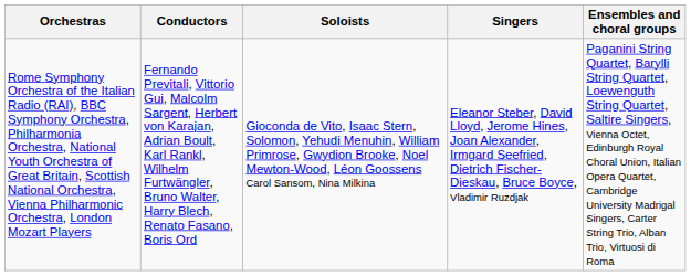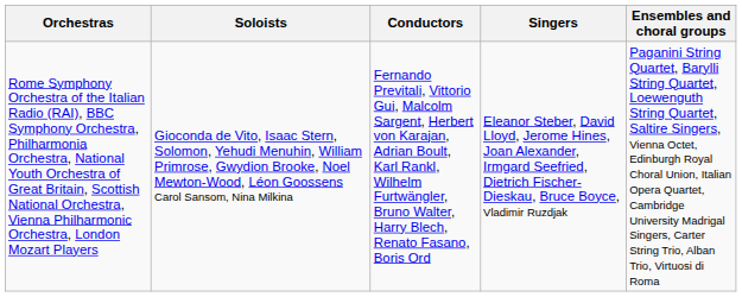 <table class="wikitable toptextcells">
 <tr class="hintergrundfarbe5">
 <th style="width:20%;">Orchestras</th>
+<th style="width:30%;">Soloists</th>
 <th style="width:15%;">Conductors</th>
-<th style="width:30%;">Soloists</th>
 <th style="width:20%;">Singers</th>
 <th style="width:15%;">Ensembles and choral groups</th>
 </tr>
 <tr>
 <td><a href='#'>Rome Symphony Orchestra of the Italian Radio (RAI)</a>, <a href='#'>BBC Symphony Orchestra</a>, <a href='#'>Philharmonia Orchestra</a>, <a href='#'>National Youth Orchestra of Great Britain</a>, <a href='#'>Scottish National Orchestra</a>, <a href='#'>Vienna Philharmonic Orchestra</a>, <a href='#'>London Mozart Players</a></td>
+<td><a href='#'>Gioconda de Vito</a>, <a href='#'>Isaac Stern</a>, <a href='#'>Solomon</a>, <a href='#'>Yehudi Menuhin</a>, <a href='#'>William Primrose</a>, <a href='#'>Gwydion Brooke</a>, <a href='#'>Noel Mewton-Wood</a>, <a href='#'>Léon Goossens</a> <small>Carol Sansom, Nina Milkina</small></td>
 <td><a href='#'>Fernando Previtali</a>,  <a href='#'>Vittorio Gui</a>, <a href='#'>Malcolm Sargent</a>, <a href='#'>Herbert von Karajan</a>, <a href='#'>Adrian Boult</a>, <a href='#'>Karl Rankl</a>, <a href='#'>Wilhelm Furtwängler</a>, <a href='#'>Bruno Walter</a>, <a href='#'>Harry Blech</a>, <a href='#'>Renato Fasano</a>, <a href='#'>Boris Ord</a></td>
-<td><a href='#'>Gioconda de Vito</a>, <a href='#'>Isaac Stern</a>, <a href='#'>Solomon</a>, <a href='#'>Yehudi Menuhin</a>, <a href='#'>William Primrose</a>, <a href='#'>Gwydion Brooke</a>, <a href='#'>Noel Mewton-Wood</a>, <a href='#'>Léon Goossens</a> <small>Carol Sansom, Nina Milkina</small></td>
 <td><a href='#'>Eleanor Steber</a>, <a href='#'>David Lloyd</a>, <a href='#'>Jerome Hines</a>, <a href='#'>Joan Alexander</a>, <a href='#'>Irmgard Seefried</a>, <a href='#'>Dietrich Fischer-Dieskau</a>, <a href='#'>Bruce Boyce</a>, <small>Vladimir Ruzdjak</small></td>
 <td><a href='#'>Paganini String Quartet</a>, <a href='#'>Barylli String Quartet</a>, <a href='#'>Loewenguth String Quartet</a>,  <a href='#'>Saltire Singers</a>, <small>Vienna Octet, Edinburgh Royal Choral Union, Italian Opera Quartet, Cambridge University Madrigal Singers, Carter String Trio, Alban Trio, Virtuosi di Roma</small></td>
 </tr>
 </table>
